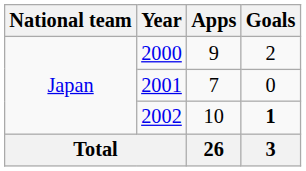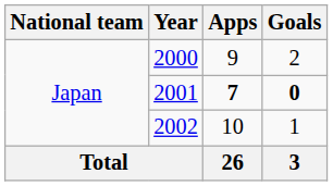 <table class="wikitable" style="text-align:center">
 <tr>
 <th>National team</th>
 <th>Year</th>
 <th>Apps</th>
 <th>Goals</th>
 </tr>
 <tr>
 <td rowspan="3"><a href='#'>Japan</a></td>
 <td><a href='#'>2000</a></td>
 <td>9</td>
 <td>2</td>
 </tr>
 <tr>
 <td><a href='#'>2001</a></td>
-<td>7</td>
-<td>0</td>
+<td><strong>7</strong></td>
+<td><strong>0</strong></td>
 </tr>
 <tr>
 <td><a href='#'>2002</a></td>
 <td>10</td>
-<td><strong>1</strong></td>
+<td>1</td>
 </tr>
 <tr>
 <th colspan="2">Total</th>
 <th>26</th>
 <th>3</th>
 </tr>
 </table>
